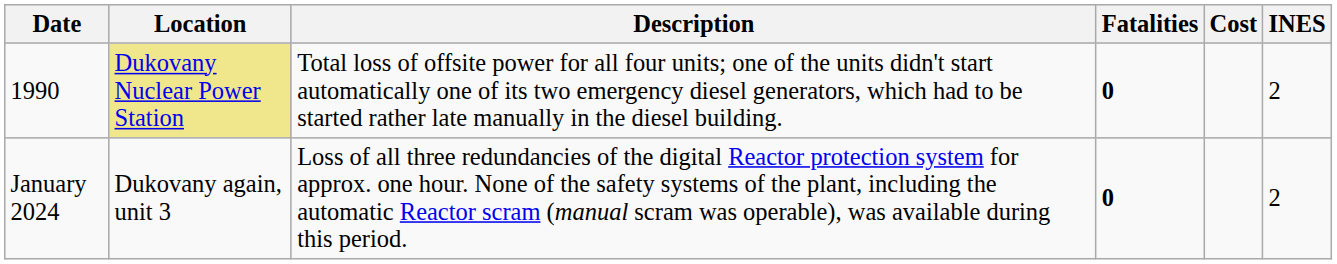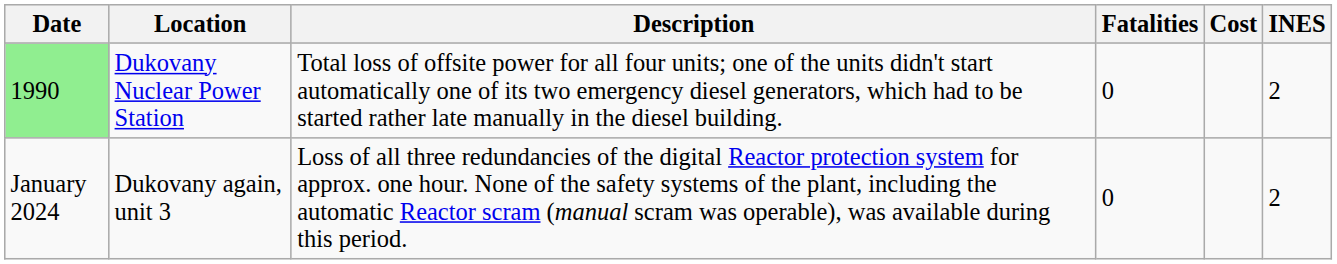 <table class="wikitable sortable">
 <tr>
 <th>Date</th>
 <th>Location</th>
 <th>Description</th>
 <th>Fatalities</th>
 <th>Cost</th>
 <th>INES</th>
 </tr>
 <tr>
-<td>1990</td>
-<td style="background: khaki;"><a href='#'>Dukovany Nuclear Power Station</a></td>
+<td style="background: lightgreen;">1990</td>
+<td><a href='#'>Dukovany Nuclear Power Station</a></td>
 <td>Total loss of offsite power for all four units; one of the units didn't start automatically one of its two emergency diesel generators, which had to be started rather late manually in the diesel building.</td>
-<td><strong>0</strong></td>
+<td>0</td>
 <td></td>
 <td>2</td>
 </tr>
 <tr>
 <td>January 2024</td>
 <td>Dukovany again, unit 3</td>
 <td>Loss of all three redundancies of the digital <a href='#'>Reactor protection system</a> for approx. one hour. None of the safety systems of the plant, including the automatic <a href='#'>Reactor scram</a> (<em>manual</em> scram was operable), was available during this period.</td>
-<td><strong>0</strong></td>
+<td>0</td>
 <td></td>
 <td>2</td>
 </tr>
 </table>
